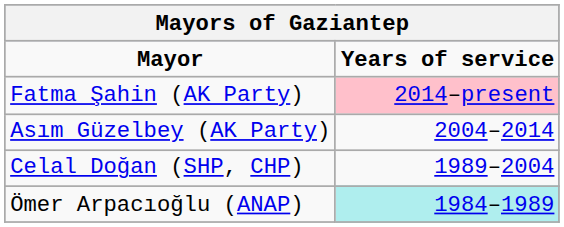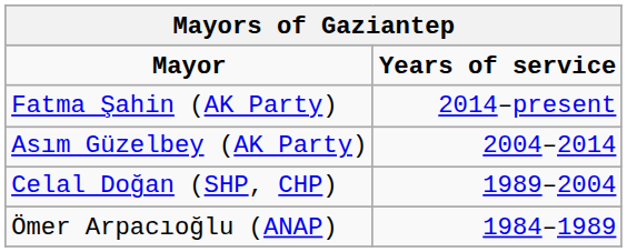 <table class="wikitable">
 <tr style="background:#b0c4de; text-align:center;">
 <th colspan=4>Mayors of Gaziantep</th>
 </tr>
 <tr>
 <td style="text-align:center;"><strong>Mayor</strong></td>
 <td style="text-align:right;"><strong>Years of service</strong></td>
 </tr>
 <tr>
 <td style="text-align:left;"><a href='#'>Fatma Şahin</a> (<a href='#'>AK Party</a>)</td>
-<td style="background: pink; text-align:right;"><a href='#'>2014</a>–<a href='#'>present</a></td>
+<td style="text-align:right;"><a href='#'>2014</a>–<a href='#'>present</a></td>
 </tr>
 <tr>
 <td style="text-align:left;"><a href='#'>Asım Güzelbey</a> (<a href='#'>AK Party</a>)</td>
 <td style="text-align:right;"><a href='#'>2004</a>–<a href='#'>2014</a></td>
 </tr>
 <tr>
 <td style="text-align:left;"><a href='#'>Celal Doğan</a> (<a href='#'>SHP</a>, <a href='#'>CHP</a>)</td>
 <td style="text-align:right;"><a href='#'>1989</a>–<a href='#'>2004</a></td>
 </tr>
 <tr>
 <td style="text-align:left;">Ömer Arpacıoğlu (<a href='#'>ANAP</a>)</td>
-<td style="background: paleturquoise; text-align:right;"><a href='#'>1984</a>–<a href='#'>1989</a></td>
+<td style="text-align:right;"><a href='#'>1984</a>–<a href='#'>1989</a></td>
 </tr>
 </table>
